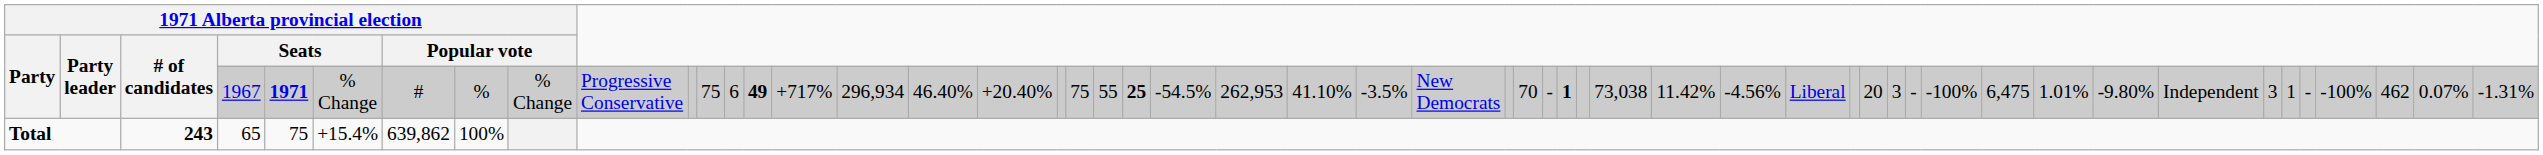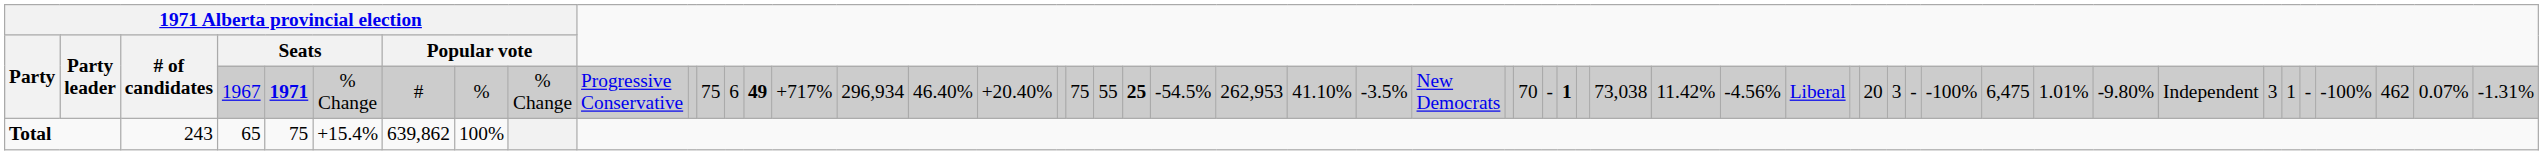 <table class="wikitable">
 <tr>
 <th colspan="10"><a href='#'>1971 Alberta provincial election</a></th>
 </tr>
 <tr bgcolor=CCCCCC>
 <th rowspan="2" align=left colspan="2">Party</th>
 <th rowspan="2" align=left>Party leader</th>
 <th rowspan="2" align=left># of<br>candidates</th>
 <th colspan="3" align=center>Seats</th>
 <th colspan="3" align=center>Popular vote</th>
 </tr>
 <tr bgcolor="CCCCCC">
 <td align="center"><a href='#'>1967</a></td>
 <td align="center"><strong><a href='#'>1971</a></strong></td>
 <td align="center">% Change</td>
 <td align="center">#</td>
 <td align="center">%</td>
 <td align="center">% Change<br></td>
 <td><a href='#'>Progressive Conservative</a></td>
 <td></td>
 <td align="right">75</td>
 <td align="right">6</td>
 <td align="right"><strong>49</strong></td>
 <td align="right">+717%</td>
 <td align="right">296,934</td>
 <td align="right">46.40%</td>
 <td align="right">+20.40%<br></td>
 <td></td>
 <td align="right">75</td>
 <td align="right">55</td>
 <td align="right"><strong>25</strong></td>
 <td align="right">-54.5%</td>
 <td align="right">262,953</td>
 <td align="right">41.10%</td>
 <td align="right">-3.5%<br></td>
 <td><a href='#'>New Democrats</a></td>
 <td></td>
 <td align="right">70</td>
 <td align="right">-</td>
 <td align="right"><strong>1</strong></td>
 <td align="right"> </td>
 <td align="right">73,038</td>
 <td align="right">11.42%</td>
 <td align="right">-4.56%<br></td>
 <td><a href='#'>Liberal</a></td>
 <td></td>
 <td align="right">20</td>
 <td align="right">3</td>
 <td align="right">-</td>
 <td align="right">-100%</td>
 <td align="right">6,475</td>
 <td align="right">1.01%</td>
 <td align="right">-9.80%<br></td>
 <td colspan="2">Independent</td>
 <td align="right">3</td>
 <td align="right">1</td>
 <td align="right">-</td>
 <td align="right">-100%</td>
 <td align="right">462</td>
 <td align="right">0.07%</td>
 <td align="right">-1.31%</td>
 </tr>
 <tr>
 <td colspan="3"><strong>Total</strong></td>
-<td align="right"><strong>243</strong></td>
+<td align="right">243</td>
 <td align="right">65</td>
 <td align="right">75</td>
 <td align="right">+15.4%</td>
 <td align="right">639,862</td>
 <td align="right">100%</td>
 <th></th>
 </tr>
 </table>
